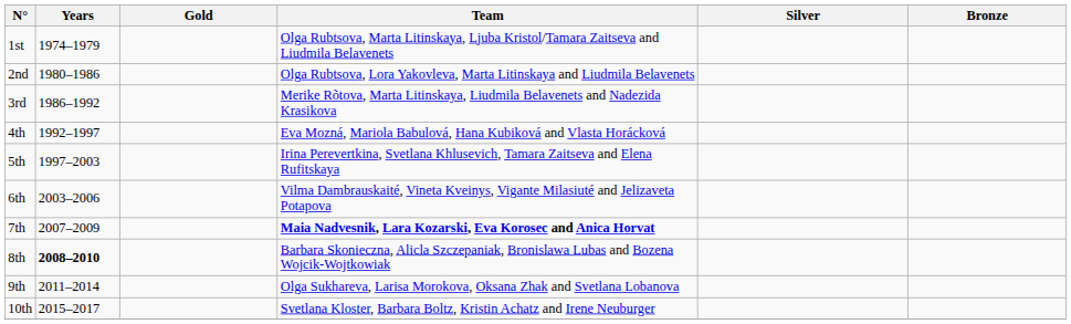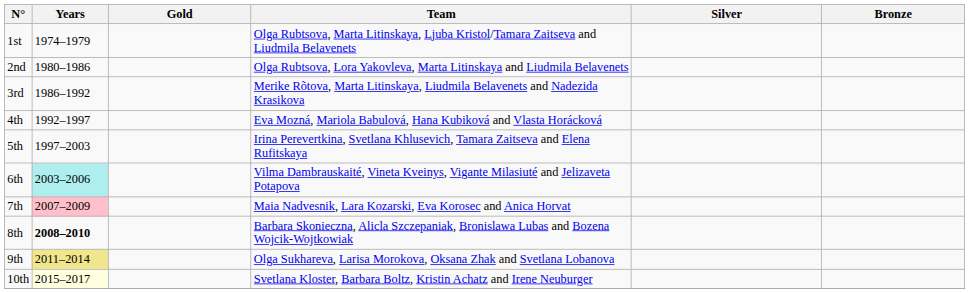 <table class="wikitable">
 <tr>
 <th width=2%>N°</th>
 <th width=8%>Years</th>
 <th width=15%>Gold</th>
 <th width=40%>Team</th>
 <th width=20%>Silver</th>
 <th width=20%>Bronze</th>
 </tr>
 <tr>
 <td>1st</td>
 <td>1974–1979</td>
 <td></td>
 <td><a href='#'>Olga Rubtsova</a>, <a href='#'>Marta Litinskaya</a>, <a href='#'>Ljuba Kristol</a>/<a href='#'>Tamara Zaitseva</a> and <a href='#'>Liudmila Belavenets</a></td>
 <td></td>
 <td></td>
 </tr>
 <tr>
 <td>2nd</td>
 <td>1980–1986</td>
 <td></td>
 <td><a href='#'>Olga Rubtsova</a>, <a href='#'>Lora Yakovleva</a>, <a href='#'>Marta Litinskaya</a> and <a href='#'>Liudmila Belavenets</a></td>
 <td></td>
 <td></td>
 </tr>
 <tr>
 <td>3rd</td>
 <td>1986–1992</td>
 <td></td>
 <td><a href='#'>Merike Rõtova</a>, <a href='#'>Marta Litinskaya</a>, <a href='#'>Liudmila Belavenets</a> and <a href='#'>Nadezida Krasikova</a></td>
 <td></td>
 <td></td>
 </tr>
 <tr>
 <td>4th</td>
 <td>1992–1997</td>
 <td></td>
 <td><a href='#'>Eva Mozná</a>, <a href='#'>Mariola Babulová</a>, <a href='#'>Hana Kubiková</a> and <a href='#'>Vlasta Horácková</a></td>
 <td></td>
 <td></td>
 </tr>
 <tr>
 <td>5th</td>
 <td>1997–2003</td>
 <td></td>
 <td><a href='#'>Irina Perevertkina</a>, <a href='#'>Svetlana Khlusevich</a>, <a href='#'>Tamara Zaitseva</a> and <a href='#'>Elena Rufitskaya</a></td>
 <td></td>
 <td></td>
 </tr>
 <tr>
 <td>6th</td>
-<td>2003–2006</td>
+<td style="background: paleturquoise;">2003–2006</td>
 <td></td>
 <td><a href='#'>Vilma Dambrauskaité</a>, <a href='#'>Vineta Kveinys</a>, <a href='#'>Vigante Milasiuté</a> and <a href='#'>Jelizaveta Potapova</a></td>
 <td></td>
 <td></td>
 </tr>
 <tr>
 <td>7th</td>
-<td>2007–2009</td>
+<td style="background: pink;">2007–2009</td>
 <td></td>
-<td><strong><a href='#'>Maia Nadvesnik</a>, <a href='#'>Lara Kozarski</a>, <a href='#'>Eva Korosec</a> and <a href='#'>Anica Horvat</a></strong></td>
+<td><a href='#'>Maia Nadvesnik</a>, <a href='#'>Lara Kozarski</a>, <a href='#'>Eva Korosec</a> and <a href='#'>Anica Horvat</a></td>
 <td></td>
 <td></td>
 </tr>
 <tr>
 <td>8th</td>
 <td><strong>2008–2010</strong></td>
 <td></td>
 <td><a href='#'>Barbara Skonieczna</a>, <a href='#'>Alicla Szczepaniak</a>, <a href='#'>Bronislawa Lubas</a> and <a href='#'>Bozena Wojcik-Wojtkowiak</a></td>
 <td></td>
 <td></td>
 </tr>
 <tr>
 <td>9th</td>
-<td>2011–2014</td>
+<td style="background: khaki;">2011–2014</td>
 <td></td>
 <td><a href='#'>Olga Sukhareva</a>, <a href='#'>Larisa Morokova</a>, <a href='#'>Oksana Zhak</a> and <a href='#'>Svetlana Lobanova</a></td>
 <td></td>
 <td></td>
 </tr>
 <tr>
 <td>10th</td>
-<td>2015–2017</td>
+<td style="background: lightyellow;">2015–2017</td>
 <td></td>
 <td><a href='#'>Svetlana Kloster</a>, <a href='#'>Barbara Boltz</a>, <a href='#'>Kristin Achatz</a> and <a href='#'>Irene Neuburger</a></td>
 <td></td>
 <td></td>
 </tr>
 <tr>
 </tr>
 </table>
